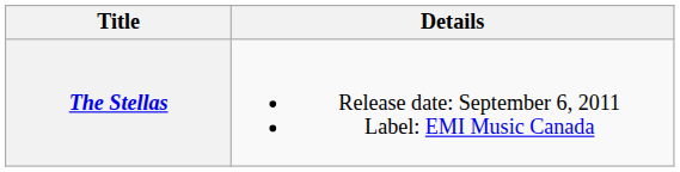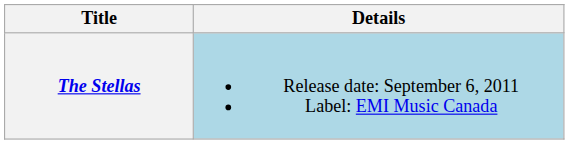 <table class="wikitable plainrowheaders" style="text-align:center;">
 <tr>
 <th style="width:10em;">Title</th>
 <th style="width:20em;">Details</th>
 </tr>
 <tr>
 <th scope="row"><em><a href='#'>The Stellas</a></em></th>
-<td><br><ul><li>Release date: September 6, 2011</li><li>Label: <a href='#'>EMI Music Canada</a></li></ul></td>
+<td style="background: lightblue;"><br><ul><li>Release date: September 6, 2011</li><li>Label: <a href='#'>EMI Music Canada</a></li></ul></td>
 </tr>
 </table>
